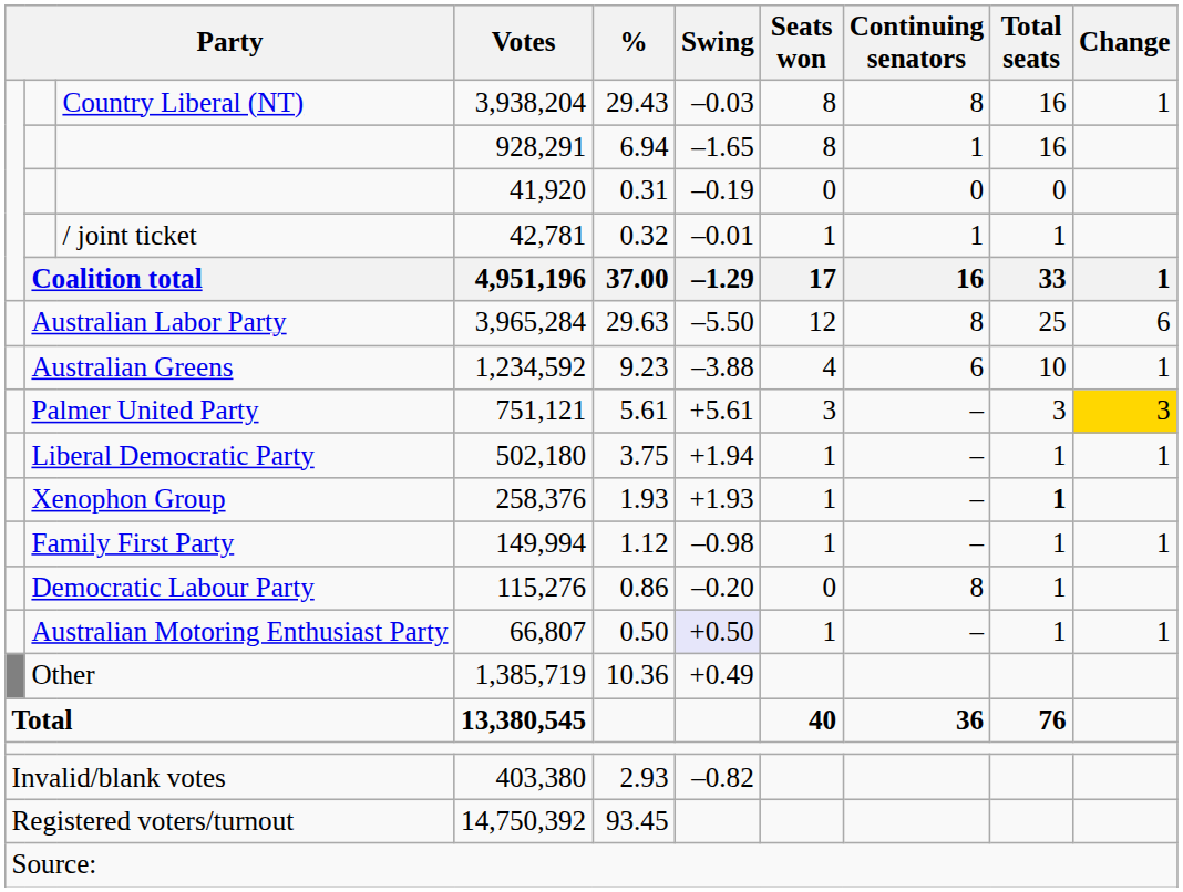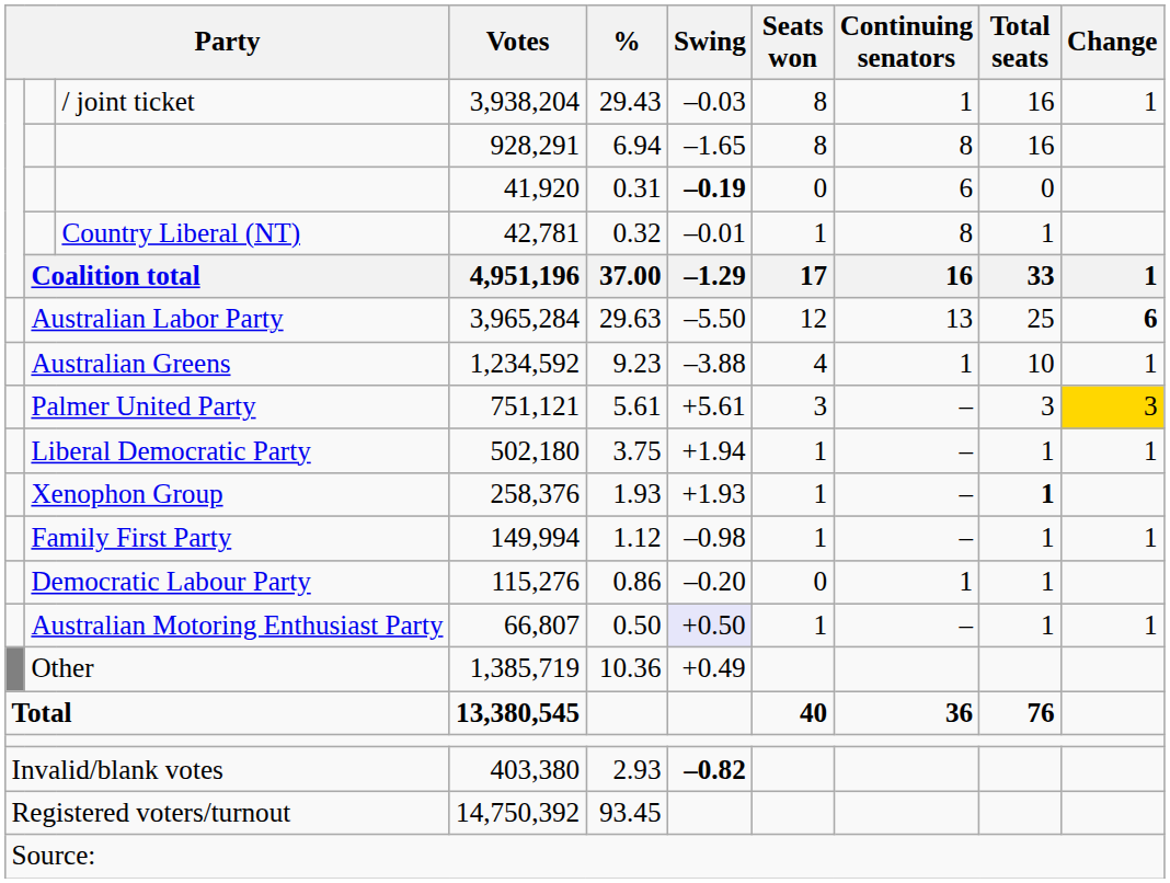 <table class="wikitable">
 <tr>
 <th colspan="3" style="width:190px"><strong>Party</strong></th>
 <th style="width:70px; text-align:center;"><strong>Votes</strong></th>
 <th style="width:40px; text-align:center;"><strong>%</strong></th>
 <th style="width:40px; text-align:center;"><strong>Swing</strong></th>
 <th style="width:40px; text-align:center;"><strong>Seats won</strong></th>
 <th style="width:40px; text-align:center;"><strong>Continuing senators</strong></th>
 <th style="width:40px; text-align:center;"><strong>Total seats</strong></th>
 <th style="width:40px; text-align:center;"><strong>Change</strong></th>
 </tr>
 <tr>
 <td rowspan="5"></td>
 <td> </td>
-<td><a href='#'>Country Liberal (NT)</a></td>
+<td>/ joint ticket</td>
 <td align=right>3,938,204</td>
 <td align=right>29.43</td>
 <td align=right>–0.03</td>
 <td align=right>8</td>
-<td align=right>8</td>
+<td align=right>1</td>
 <td align=right>16</td>
 <td align=right> 1</td>
 </tr>
 <tr>
 <td> </td>
 <td></td>
 <td align=right>928,291</td>
 <td align=right>6.94</td>
 <td align=right>–1.65</td>
 <td align=right>8</td>
-<td align="right">1</td>
+<td align=right>8</td>
 <td align=right>16</td>
 <td align=right></td>
 </tr>
 <tr>
 <td> </td>
 <td></td>
 <td align=right>41,920</td>
 <td align=right>0.31</td>
-<td align=right>–0.19</td>
+<td align=right><strong>–0.19</strong></td>
 <td align=right>0</td>
-<td align=right>0</td>
+<td align="right">6</td>
 <td align=right>0</td>
 <td align=right></td>
 </tr>
 <tr>
 <td> </td>
-<td>/ joint ticket</td>
+<td><a href='#'>Country Liberal (NT)</a></td>
 <td align=right>42,781</td>
 <td align=right>0.32</td>
 <td align=right>–0.01</td>
 <td align=right>1</td>
-<td align=right>1</td>
+<td align=right>8</td>
 <td align=right>1</td>
 <td align=right></td>
 </tr>
 <tr>
 <th style="text-align:left;" colspan="2"><a href='#'>Coalition total</a></th>
 <th style="text-align:right;"><strong>4,951,196</strong></th>
 <th style="text-align:right;"><strong>37.00</strong></th>
 <th style="text-align:right;"><strong>–1.29</strong></th>
 <th style="text-align:right;"><strong>17</strong></th>
 <th style="text-align:right;"><strong>16</strong></th>
 <th style="text-align:right;">33</th>
 <th style="text-align:right;"> 1</th>
 </tr>
 <tr>
 <td> </td>
 <td colspan="2"><a href='#'>Australian Labor Party</a></td>
 <td align="right">3,965,284</td>
 <td align="right">29.63</td>
 <td align="right">–5.50</td>
 <td align="right">12</td>
-<td align=right>8</td>
+<td align="right">13</td>
 <td align="right">25</td>
-<td align="right"> 6</td>
+<td align="right"><strong> 6</strong></td>
 </tr>
 <tr>
 <td> </td>
 <td colspan="2"><a href='#'>Australian Greens</a></td>
 <td align="right">1,234,592</td>
 <td align="right">9.23</td>
 <td align="right">–3.88</td>
 <td align="right">4</td>
-<td align="right">6</td>
+<td align="right">1</td>
 <td align="right">10</td>
 <td align="right"> 1</td>
 </tr>
 <tr>
 <td> </td>
 <td colspan="2"><a href='#'>Palmer United Party</a></td>
 <td align="right">751,121</td>
 <td align="right">5.61</td>
 <td align="right">+5.61</td>
 <td style="text-align:right;">3</td>
 <td align="right">–</td>
 <td style="text-align:right;">3</td>
 <td style="background: gold; text-align:right;"> 3</td>
 </tr>
 <tr>
 <td> </td>
 <td colspan="2"><a href='#'>Liberal Democratic Party</a></td>
 <td align="right">502,180</td>
 <td align="right">3.75</td>
 <td align="right">+1.94</td>
 <td align="right">1</td>
 <td align="right">–</td>
 <td align="right">1</td>
 <td align="right"> 1</td>
 </tr>
 <tr>
 <td style="background:"> </td>
 <td colspan="2"><a href='#'>Xenophon Group</a></td>
 <td align="right">258,376</td>
 <td align="right">1.93</td>
 <td align="right">+1.93</td>
 <td align="right">1</td>
 <td align="right">–</td>
 <td align="right"><strong>1</strong></td>
 <td align="right"></td>
 </tr>
 <tr>
 <td> </td>
 <td colspan="2"><a href='#'>Family First Party</a></td>
 <td align="right">149,994</td>
 <td align="right">1.12</td>
 <td align="right">–0.98</td>
 <td align="right">1</td>
 <td align="right">–</td>
 <td align="right">1</td>
 <td align="right"> 1</td>
 </tr>
 <tr>
 <td> </td>
 <td colspan="2"><a href='#'>Democratic Labour Party</a></td>
 <td align="right">115,276</td>
 <td align="right">0.86</td>
 <td align="right">–0.20</td>
 <td align="right">0</td>
-<td align=right>8</td>
+<td align="right">1</td>
 <td align="right">1</td>
 <td align="right"></td>
 </tr>
 <tr>
 <td> </td>
 <td colspan="2"><a href='#'>Australian Motoring Enthusiast Party</a></td>
 <td align="right">66,807</td>
 <td align="right">0.50</td>
 <td align="right" style="background: lavender;">+0.50</td>
 <td align="right">1</td>
 <td align="right">–</td>
 <td align="right">1</td>
 <td align="right"> 1</td>
 </tr>
 <tr>
 <td style="background:gray;"> </td>
 <td colspan="2">Other</td>
 <td align="right">1,385,719</td>
 <td align="right">10.36</td>
 <td align="right">+0.49</td>
 <td align="right"></td>
 <td align="right"></td>
 <td align="right"></td>
 <td align="right"></td>
 </tr>
 <tr>
 <td colspan="3"><strong>Total</strong></td>
 <td align="right"><strong>13,380,545</strong></td>
 <td></td>
 <td></td>
 <td align=right><strong>40</strong></td>
 <td align=right><strong>36</strong></td>
 <td align="right"><strong>76</strong></td>
 <td></td>
 </tr>
 <tr>
 <td colspan=10></td>
 </tr>
 <tr>
 <td colspan=3>Invalid/blank votes</td>
 <td align = right>403,380</td>
 <td align = right>2.93</td>
-<td align = right>–0.82</td>
+<td align = right><strong>–0.82</strong></td>
 <td></td>
 <td></td>
 <td></td>
 <td></td>
 </tr>
 <tr>
 <td colspan=3>Registered voters/turnout</td>
 <td align=right>14,750,392</td>
 <td align = right>93.45</td>
 <td></td>
 <td></td>
 <td></td>
 <td></td>
 <td></td>
 </tr>
 <tr>
 <td colspan=10>Source: </td>
 </tr>
 </table>
